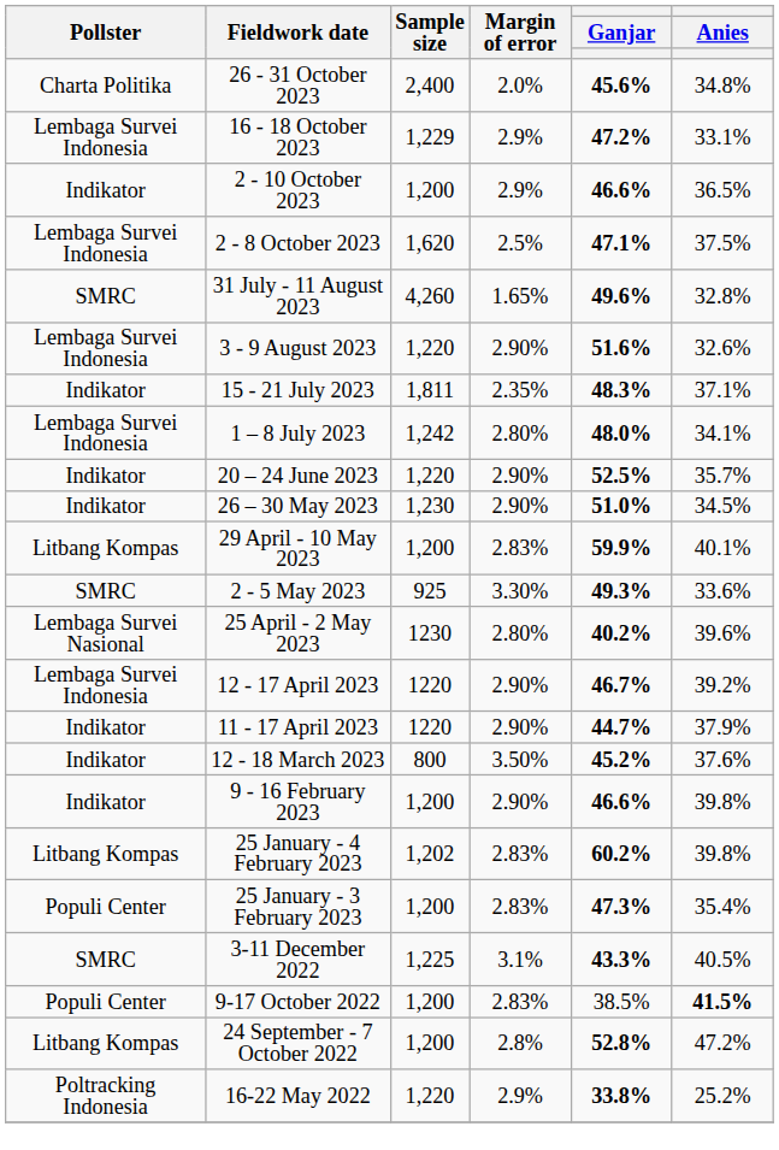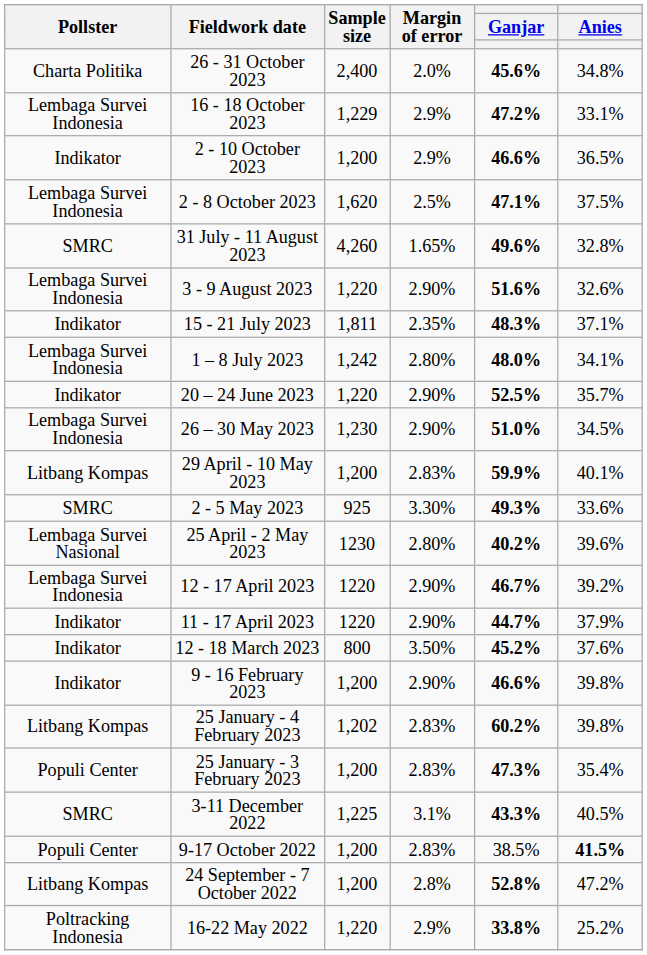 <table class="wikitable" style="text-align:center; font-size:90%; line-height:14px;">
 <tr bgcolor=lightgray>
 <th rowspan="3" style="width:125px;">Pollster</th>
 <th rowspan="3" style="width:115px;">Fieldwork date</th>
 <th rowspan="3" style="width:40px;">Sample size</th>
 <th rowspan="3" style="width:60px;">Margin of error</th>
 <th style="width:60px;"></th>
 <th style="width:60px;"></th>
 </tr>
 <tr>
 <th><a href='#'>Ganjar</a> <br></th>
 <th><a href='#'>Anies</a> <br></th>
 </tr>
 <tr>
 <th class="unsortable" style="color:inherit;background:"></th>
 <th class="unsortable" style="color:inherit;background:"></th>
 </tr>
 <tr>
 <td>Charta Politika</td>
 <td>26 - 31 October 2023</td>
 <td>2,400</td>
 <td>2.0%</td>
 <td style="background-color:#"><strong>45.6%</strong></td>
 <td>34.8%</td>
 </tr>
 <tr>
 <td>Lembaga Survei Indonesia</td>
 <td>16 - 18 October 2023</td>
 <td>1,229</td>
 <td>2.9%</td>
 <td style="background-color:#"><strong>47.2%</strong></td>
 <td>33.1%</td>
 </tr>
 <tr>
 <td>Indikator</td>
 <td>2 - 10 October 2023</td>
 <td>1,200</td>
 <td>2.9%</td>
 <td style="background-color:#"><strong>46.6%</strong></td>
 <td>36.5%</td>
 </tr>
 <tr>
 <td>Lembaga Survei Indonesia</td>
 <td>2 - 8 October 2023</td>
 <td>1,620</td>
 <td>2.5%</td>
 <td style="background-color:#"><strong>47.1%</strong></td>
 <td>37.5%</td>
 </tr>
 <tr>
 <td>SMRC</td>
 <td>31 July - 11 August 2023</td>
 <td>4,260</td>
 <td>1.65%</td>
 <td style="background-color:#"><strong>49.6%</strong></td>
 <td>32.8%</td>
 </tr>
 <tr>
 <td>Lembaga Survei Indonesia</td>
 <td>3 - 9 August 2023</td>
 <td>1,220</td>
 <td>2.90%</td>
 <td style="background-color:#"><strong>51.6%</strong></td>
 <td>32.6%</td>
 </tr>
 <tr>
 <td>Indikator</td>
 <td>15 - 21 July 2023</td>
 <td>1,811</td>
 <td>2.35%</td>
 <td style="background-color:#"><strong>48.3%</strong></td>
 <td>37.1%</td>
 </tr>
 <tr>
 <td>Lembaga Survei Indonesia</td>
 <td>1 – 8 July 2023</td>
 <td>1,242</td>
 <td>2.80%</td>
 <td style="background-color:#"><strong>48.0%</strong></td>
 <td>34.1%</td>
 </tr>
 <tr>
 <td>Indikator</td>
 <td>20 – 24 June 2023</td>
 <td>1,220</td>
 <td>2.90%</td>
 <td style="background-color:#"><strong>52.5%</strong></td>
 <td>35.7%</td>
 </tr>
 <tr>
-<td>Indikator</td>
+<td>Lembaga Survei Indonesia</td>
 <td>26 – 30 May 2023</td>
 <td>1,230</td>
 <td>2.90%</td>
 <td style="background-color:#"><strong>51.0%</strong></td>
 <td>34.5%</td>
 </tr>
 <tr>
 <td>Litbang Kompas</td>
 <td>29 April - 10 May 2023</td>
 <td>1,200</td>
 <td>2.83%</td>
 <td style="background-color:#"><strong>59.9%</strong></td>
 <td>40.1%</td>
 </tr>
 <tr>
 <td>SMRC</td>
 <td>2 - 5 May 2023</td>
 <td>925</td>
 <td>3.30%</td>
 <td style="background-color:#"><strong>49.3%</strong></td>
 <td>33.6%</td>
 </tr>
 <tr>
 <td>Lembaga Survei Nasional</td>
 <td>25 April - 2 May 2023</td>
 <td>1230</td>
 <td>2.80%</td>
 <td style="background-color:#"><strong>40.2%</strong></td>
 <td>39.6%</td>
 </tr>
 <tr>
 <td>Lembaga Survei Indonesia</td>
 <td>12 - 17 April 2023</td>
 <td>1220</td>
 <td>2.90%</td>
 <td style="background-color:#"><strong>46.7%</strong></td>
 <td>39.2%</td>
 </tr>
 <tr>
 <td>Indikator</td>
 <td>11 - 17 April 2023</td>
 <td>1220</td>
 <td>2.90%</td>
 <td style="background-color:#"><strong>44.7%</strong></td>
 <td>37.9%</td>
 </tr>
 <tr>
 <td>Indikator</td>
 <td>12 - 18 March 2023</td>
 <td>800</td>
 <td>3.50%</td>
 <td style="background-color:#"><strong>45.2%</strong></td>
 <td>37.6%</td>
 </tr>
 <tr>
 <td>Indikator</td>
 <td>9 - 16 February 2023</td>
 <td>1,200</td>
 <td>2.90%</td>
 <td style="background-color:#"><strong>46.6%</strong></td>
 <td>39.8%</td>
 </tr>
 <tr>
 <td>Litbang Kompas</td>
 <td>25 January - 4 February 2023</td>
 <td>1,202</td>
 <td>2.83%</td>
 <td style="background-color:#"><strong>60.2%</strong></td>
 <td>39.8%</td>
 </tr>
 <tr>
 <td>Populi Center</td>
 <td>25 January - 3 February 2023</td>
 <td>1,200</td>
 <td>2.83%</td>
 <td style="background-color:#"><strong>47.3%</strong></td>
 <td>35.4%</td>
 </tr>
 <tr>
 <td>SMRC</td>
 <td>3-11 December 2022</td>
 <td>1,225</td>
 <td>3.1%</td>
 <td style="background-color:#"><strong>43.3%</strong></td>
 <td>40.5%</td>
 </tr>
 <tr>
 <td>Populi Center</td>
 <td>9-17 October 2022</td>
 <td>1,200</td>
 <td>2.83%</td>
 <td>38.5%</td>
 <td style="background-color:#"><strong>41.5%</strong></td>
 </tr>
 <tr>
 <td>Litbang Kompas</td>
 <td>24 September - 7 October 2022</td>
 <td>1,200</td>
 <td>2.8%</td>
 <td style="background-color:#"><strong>52.8%</strong></td>
 <td>47.2%</td>
 </tr>
 <tr>
 <td>Poltracking Indonesia</td>
 <td>16-22 May 2022</td>
 <td>1,220</td>
 <td>2.9%</td>
 <td style="background-color:#"><strong>33.8%</strong></td>
 <td>25.2%</td>
 </tr>
 <tr>
 </tr>
 </table>
